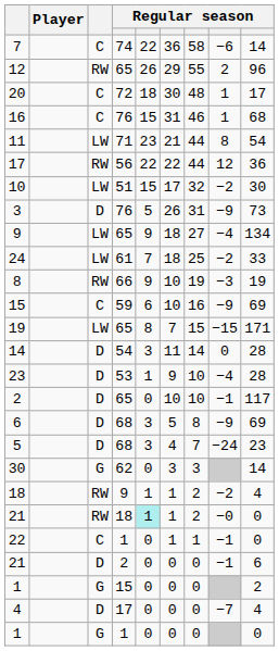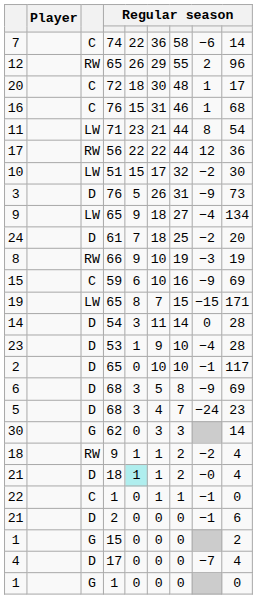 <table class="wikitable sortable plainrowheaders" style="text-align:center;">
 <tr>
 <th scope="col" data-sort-type="number" rowspan="2"></th>
 <th scope="col" rowspan="2">Player</th>
 <th scope="col" rowspan="2"></th>
 <th scope=colgroup colspan=6>Regular season</th>
 </tr>
 <tr>
 <th scope="col" data-sort-type="number"></th>
 <th scope="col" data-sort-type="number"></th>
 <th scope="col" data-sort-type="number"></th>
 <th scope="col" data-sort-type="number"></th>
 <th scope="col" data-sort-type="number"></th>
 <th scope="col" data-sort-type="number"></th>
 </tr>
 <tr>
 <td scope="row">7</td>
 <td align="left"></td>
 <td>C</td>
 <td>74</td>
 <td>22</td>
 <td>36</td>
 <td>58</td>
 <td>−6</td>
 <td>14</td>
 </tr>
 <tr>
 <td scope="row">12</td>
 <td align="left"></td>
 <td>RW</td>
 <td>65</td>
 <td>26</td>
 <td>29</td>
 <td>55</td>
 <td>2</td>
 <td>96</td>
 </tr>
 <tr>
 <td scope="row">20</td>
 <td align="left"></td>
 <td>C</td>
 <td>72</td>
 <td>18</td>
 <td>30</td>
 <td>48</td>
 <td>1</td>
 <td>17</td>
 </tr>
 <tr>
 <td scope="row">16</td>
 <td align="left"></td>
 <td>C</td>
 <td>76</td>
 <td>15</td>
 <td>31</td>
 <td>46</td>
 <td>1</td>
 <td>68</td>
 </tr>
 <tr>
 <td scope="row">11</td>
 <td align="left"></td>
 <td>LW</td>
 <td>71</td>
 <td>23</td>
 <td>21</td>
 <td>44</td>
 <td>8</td>
 <td>54</td>
 </tr>
 <tr>
 <td scope="row">17</td>
 <td align="left"></td>
 <td>RW</td>
 <td>56</td>
 <td>22</td>
 <td>22</td>
 <td>44</td>
 <td>12</td>
 <td>36</td>
 </tr>
 <tr>
 <td scope="row">10</td>
 <td align="left"></td>
 <td>LW</td>
 <td>51</td>
 <td>15</td>
 <td>17</td>
 <td>32</td>
 <td>−2</td>
 <td>30</td>
 </tr>
 <tr>
 <td scope="row">3</td>
 <td align="left"></td>
 <td>D</td>
 <td>76</td>
 <td>5</td>
 <td>26</td>
 <td>31</td>
 <td>−9</td>
 <td>73</td>
 </tr>
 <tr>
 <td scope="row">9</td>
 <td align="left"></td>
 <td>LW</td>
 <td>65</td>
 <td>9</td>
 <td>18</td>
 <td>27</td>
 <td>−4</td>
 <td>134</td>
 </tr>
 <tr>
 <td scope="row">24</td>
 <td align="left"></td>
-<td>LW</td>
+<td>D</td>
 <td>61</td>
 <td>7</td>
 <td>18</td>
 <td>25</td>
 <td>−2</td>
-<td>33</td>
+<td>20</td>
 </tr>
 <tr>
 <td scope="row">8</td>
 <td align="left"></td>
 <td>RW</td>
 <td>66</td>
 <td>9</td>
 <td>10</td>
 <td>19</td>
 <td>−3</td>
 <td>19</td>
 </tr>
 <tr>
 <td scope="row">15</td>
 <td align="left"></td>
 <td>C</td>
 <td>59</td>
 <td>6</td>
 <td>10</td>
 <td>16</td>
 <td>−9</td>
 <td>69</td>
 </tr>
 <tr>
 <td scope="row">19</td>
 <td align="left"></td>
 <td>LW</td>
 <td>65</td>
 <td>8</td>
 <td>7</td>
 <td>15</td>
 <td>−15</td>
 <td>171</td>
 </tr>
 <tr>
 <td scope="row">14</td>
 <td align="left"></td>
 <td>D</td>
 <td>54</td>
 <td>3</td>
 <td>11</td>
 <td>14</td>
 <td>0</td>
 <td>28</td>
 </tr>
 <tr>
 <td scope="row">23</td>
 <td align="left"></td>
 <td>D</td>
 <td>53</td>
 <td>1</td>
 <td>9</td>
 <td>10</td>
 <td>−4</td>
 <td>28</td>
 </tr>
 <tr>
 <td scope="row">2</td>
 <td align="left"></td>
 <td>D</td>
 <td>65</td>
 <td>0</td>
 <td>10</td>
 <td>10</td>
 <td>−1</td>
 <td>117</td>
 </tr>
 <tr>
 <td scope="row">6</td>
 <td align="left"></td>
 <td>D</td>
 <td>68</td>
 <td>3</td>
 <td>5</td>
 <td>8</td>
 <td>−9</td>
 <td>69</td>
 </tr>
 <tr>
 <td scope="row">5</td>
 <td align="left"></td>
 <td>D</td>
 <td>68</td>
 <td>3</td>
 <td>4</td>
 <td>7</td>
 <td>−24</td>
 <td>23</td>
 </tr>
 <tr>
 <td scope="row">30</td>
 <td align="left"></td>
 <td>G</td>
 <td>62</td>
 <td>0</td>
 <td>3</td>
 <td>3</td>
 <td style="background:#ccc"></td>
 <td>14</td>
 </tr>
 <tr>
 <td scope="row">18</td>
 <td align="left"></td>
 <td>RW</td>
 <td>9</td>
 <td>1</td>
 <td>1</td>
 <td>2</td>
 <td>−2</td>
 <td>4</td>
 </tr>
 <tr>
 <td scope="row">21</td>
 <td align="left"></td>
-<td>RW</td>
+<td>D</td>
 <td>18</td>
 <td style="background: paleturquoise;">1</td>
 <td>1</td>
 <td>2</td>
 <td>−0</td>
-<td>0</td>
+<td>4</td>
 </tr>
 <tr>
 <td scope="row">22</td>
 <td align="left"></td>
 <td>C</td>
 <td>1</td>
 <td>0</td>
 <td>1</td>
 <td>1</td>
 <td>−1</td>
 <td>0</td>
 </tr>
 <tr>
 <td scope="row">21</td>
 <td align="left"></td>
 <td>D</td>
 <td>2</td>
 <td>0</td>
 <td>0</td>
 <td>0</td>
 <td>−1</td>
 <td>6</td>
 </tr>
 <tr>
 <td scope="row">1</td>
 <td align="left"></td>
 <td>G</td>
 <td>15</td>
 <td>0</td>
 <td>0</td>
 <td>0</td>
 <td style="background:#ccc"></td>
 <td>2</td>
 </tr>
 <tr>
 <td scope="row">4</td>
 <td align="left"></td>
 <td>D</td>
 <td>17</td>
 <td>0</td>
 <td>0</td>
 <td>0</td>
 <td>−7</td>
 <td>4</td>
 </tr>
 <tr>
 <td scope="row">1</td>
 <td align="left"></td>
 <td>G</td>
 <td>1</td>
 <td>0</td>
 <td>0</td>
 <td>0</td>
 <td style="background:#ccc"></td>
 <td>0</td>
 </tr>
 </table>
